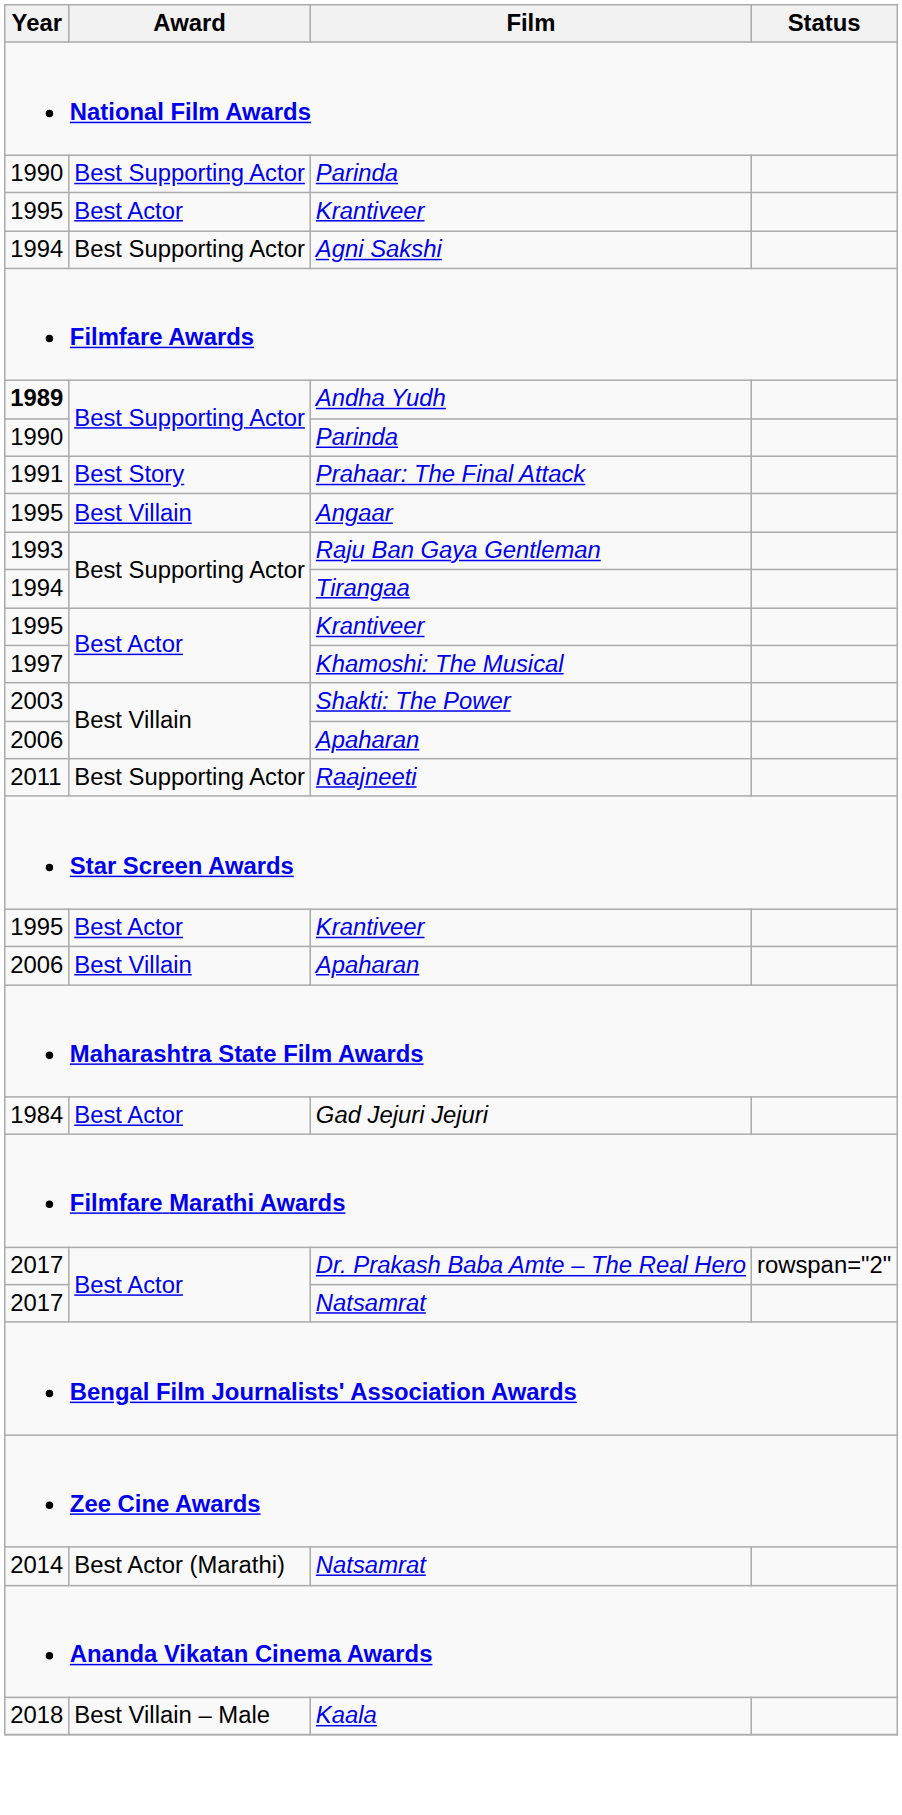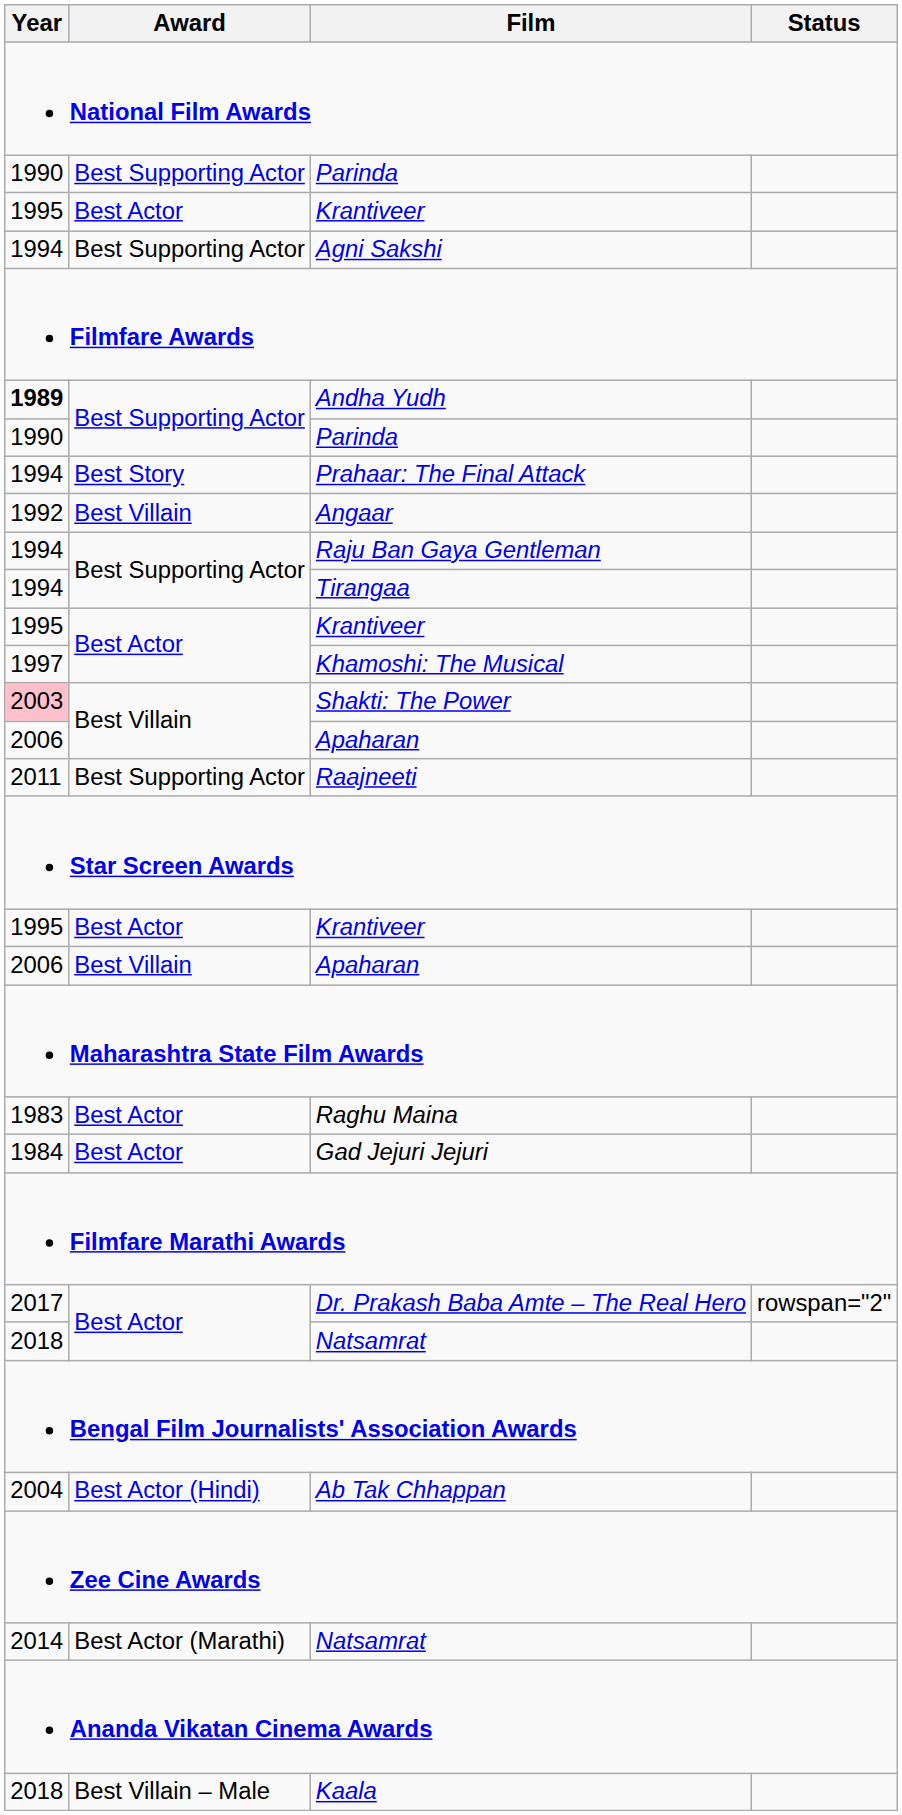 <table class="wikitable">
 <tr>
 <th>Year</th>
 <th>Award</th>
 <th>Film</th>
 <th>Status</th>
 </tr>
 <tr>
 <td colspan="4"><br><ul><li><strong><a href='#'>National Film Awards</a></strong></li></ul></td>
 </tr>
 <tr>
 <td>1990</td>
 <td><a href='#'>Best Supporting Actor</a></td>
 <td><em><a href='#'>Parinda</a></em></td>
 <td></td>
 </tr>
 <tr>
 <td>1995</td>
 <td><a href='#'>Best Actor</a></td>
 <td><em><a href='#'>Krantiveer</a></em></td>
 <td></td>
 </tr>
 <tr>
 <td>1994</td>
 <td>Best Supporting Actor</td>
 <td><em><a href='#'>Agni Sakshi</a></em></td>
 <td></td>
 </tr>
 <tr>
 <td colspan="4"><br><ul><li><strong><a href='#'>Filmfare Awards</a></strong></li></ul></td>
 </tr>
 <tr>
 <td><strong>1989</strong></td>
 <td rowspan="2"><a href='#'>Best Supporting Actor</a></td>
 <td><em><a href='#'>Andha Yudh</a></em></td>
 <td></td>
 </tr>
 <tr>
 <td>1990</td>
 <td><em><a href='#'>Parinda</a></em></td>
 <td></td>
 </tr>
 <tr>
-<td>1991</td>
+<td>1994</td>
 <td><a href='#'>Best Story</a></td>
 <td><em><a href='#'>Prahaar: The Final Attack</a></em></td>
 <td></td>
 </tr>
 <tr>
-<td>1995</td>
+<td>1992</td>
 <td><a href='#'>Best Villain</a></td>
 <td><em><a href='#'>Angaar</a></em></td>
 <td></td>
 </tr>
 <tr>
-<td>1993</td>
+<td>1994</td>
 <td rowspan="2">Best Supporting Actor</td>
 <td><em><a href='#'>Raju Ban Gaya Gentleman</a></em></td>
 <td></td>
 </tr>
 <tr>
 <td>1994</td>
 <td><em><a href='#'>Tirangaa</a></em></td>
 <td></td>
 </tr>
 <tr>
 <td>1995</td>
 <td rowspan="2"><a href='#'>Best Actor</a></td>
 <td><em><a href='#'>Krantiveer</a></em></td>
 <td></td>
 </tr>
 <tr>
 <td>1997</td>
 <td><em><a href='#'>Khamoshi: The Musical</a></em></td>
 <td></td>
 </tr>
 <tr>
-<td>2003</td>
+<td style="background: pink;">2003</td>
 <td rowspan="2">Best Villain</td>
 <td><em><a href='#'>Shakti: The Power</a></em></td>
 <td></td>
 </tr>
 <tr>
 <td>2006</td>
 <td><em><a href='#'>Apaharan</a></em></td>
 <td></td>
 </tr>
 <tr>
 <td>2011</td>
 <td>Best Supporting Actor</td>
 <td><em><a href='#'>Raajneeti</a></em></td>
 <td></td>
 </tr>
 <tr>
 <td colspan="4"><br><ul><li><strong><a href='#'>Star Screen Awards</a></strong></li></ul></td>
 </tr>
 <tr>
 <td>1995</td>
 <td><a href='#'>Best Actor</a></td>
 <td><em><a href='#'>Krantiveer</a></em></td>
 <td></td>
 </tr>
 <tr>
 <td>2006</td>
 <td><a href='#'>Best Villain</a></td>
 <td><em><a href='#'>Apaharan</a></em></td>
 <td></td>
 </tr>
 <tr>
 <td colspan="4"><br><ul><li><strong><a href='#'>Maharashtra State Film Awards</a></strong></li></ul></td>
 </tr>
 <tr>
+<td>1983</td>
+<td><a href='#'>Best Actor</a></td>
+<td><em>Raghu Maina</em></td>
+<td></td>
+</tr>
+<tr>
 <td>1984</td>
 <td><a href='#'>Best Actor</a></td>
 <td><em>Gad Jejuri Jejuri</em></td>
 <td></td>
 </tr>
 <tr>
 <td colspan="4"><br><ul><li><a href='#'><strong>Filmfare</strong> <strong>Marathi Awards</strong></a></li></ul></td>
 </tr>
 <tr>
 <td>2017</td>
 <td rowspan="2"><a href='#'>Best Actor</a></td>
 <td><em><a href='#'>Dr. Prakash Baba Amte – The Real Hero</a></em></td>
 <td>rowspan="2" </td>
 </tr>
 <tr>
-<td>2017</td>
+<td>2018</td>
 <td><em><a href='#'>Natsamrat</a></em></td>
 </tr>
 <tr>
 <td colspan="4"><br><ul><li><strong><a href='#'>Bengal Film Journalists' Association Awards</a></strong></li></ul></td>
+</tr>
+<tr>
+<td>2004</td>
+<td><a href='#'>Best Actor (Hindi)</a></td>
+<td><em><a href='#'>Ab Tak Chhappan</a></em></td>
+<td></td>
 </tr>
 <tr>
 <td colspan="4"><br><ul><li><strong><a href='#'>Zee Cine Awards</a></strong></li></ul></td>
 </tr>
 <tr>
 <td>2014</td>
 <td>Best Actor (Marathi)</td>
 <td><em><a href='#'>Natsamrat</a></em></td>
 <td></td>
 </tr>
 <tr>
 <td colspan="4"><br><ul><li><strong><a href='#'>Ananda Vikatan Cinema Awards</a></strong></li></ul></td>
 </tr>
 <tr>
 <td>2018</td>
 <td>Best Villain – Male</td>
 <td><a href='#'><em>Kaala</em></a></td>
 <td></td>
 </tr>
 <tr>
 </tr>
 </table>
